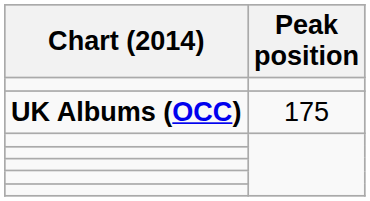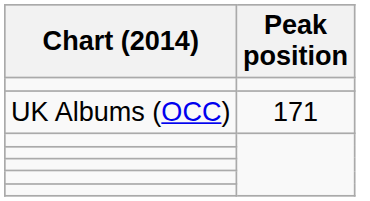 <table class="wikitable">
 <tr>
 <th>Chart (2014)</th>
 <th>Peak<br>position</th>
 </tr>
 <tr>
 <td></td>
 </tr>
 <tr>
-<td><strong>UK Albums (<a href='#'>OCC</a>)</strong></td>
-<td align=center>175</td>
+<td>UK Albums (<a href='#'>OCC</a>)</td>
+<td align=center>171</td>
 </tr>
 <tr>
 <td></td>
 </tr>
 <tr>
 <td></td>
 </tr>
 <tr>
 <td></td>
 </tr>
 <tr>
 <td></td>
 </tr>
 <tr>
 <td></td>
 </tr>
 </table>
